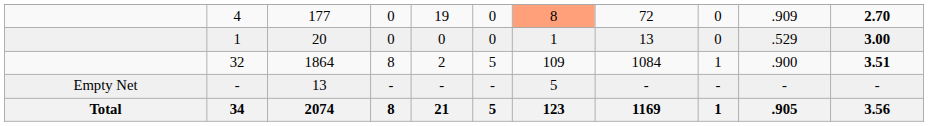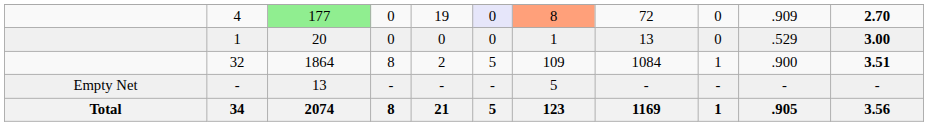 <table class="wikitable sortable" width ="1000">
 <tr align="center">
 </tr>
 <tr align="center">
 <td></td>
 <td>4</td>
-<td>177</td>
+<td style="background: lightgreen;">177</td>
 <td>0</td>
 <td>19</td>
-<td>0</td>
+<td style="background: lavender;">0</td>
 <td style="background: lightsalmon;">8</td>
 <td>72</td>
 <td>0</td>
 <td>.909</td>
 <td><strong>2.70</strong></td>
 </tr>
 <tr align="center" bgcolor="f0f0f0">
 <td></td>
 <td>1</td>
 <td>20</td>
 <td>0</td>
 <td>0</td>
 <td>0</td>
 <td>1</td>
 <td>13</td>
 <td>0</td>
 <td>.529</td>
 <td><strong>3.00</strong></td>
 </tr>
 <tr align="center" bgcolor="">
 <td></td>
 <td>32</td>
 <td>1864</td>
 <td>8</td>
 <td>2</td>
 <td>5</td>
 <td>109</td>
 <td>1084</td>
 <td>1</td>
 <td>.900</td>
 <td><strong>3.51</strong></td>
 </tr>
 <tr align="center" bgcolor="f0f0f0">
 <td>Empty Net</td>
 <td>-</td>
 <td>13</td>
 <td>-</td>
 <td>-</td>
 <td>-</td>
 <td>5</td>
 <td>-</td>
 <td>-</td>
 <td>-</td>
 <td>-</td>
 </tr>
 <tr>
 <th>Total</th>
 <th>34</th>
 <th>2074</th>
 <th>8</th>
 <th>21</th>
 <th>5</th>
 <th>123</th>
 <th>1169</th>
 <th>1</th>
 <th>.905</th>
 <th>3.56</th>
 </tr>
 </table>
